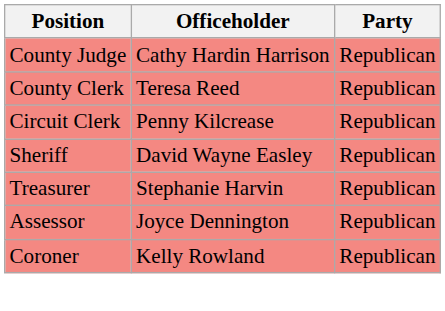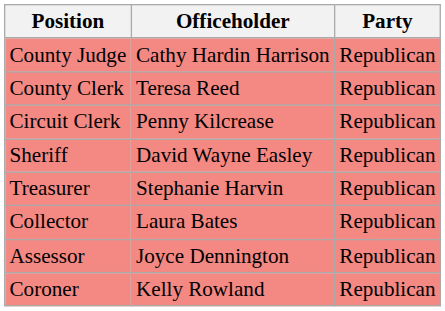 <table class="wikitable">
 <tr>
 <th>Position</th>
 <th>Officeholder</th>
 <th>Party</th>
 </tr>
 <tr style="background-color:#F48882;">
 <td>County Judge</td>
 <td>Cathy Hardin Harrison</td>
 <td>Republican</td>
 </tr>
 <tr style="background-color:#F48882;">
 <td>County Clerk</td>
 <td>Teresa Reed</td>
 <td>Republican</td>
 </tr>
 <tr style="background-color:#F48882;">
 <td>Circuit Clerk</td>
 <td>Penny Kilcrease</td>
 <td>Republican</td>
 </tr>
 <tr style="background-color:#F48882;">
 <td>Sheriff</td>
 <td>David Wayne Easley</td>
 <td>Republican</td>
 </tr>
 <tr style="background-color:#F48882;">
 <td>Treasurer</td>
 <td>Stephanie Harvin</td>
 <td>Republican</td>
 </tr>
 <tr style="background-color:#F48882;">
+<td>Collector</td>
+<td>Laura Bates</td>
+<td>Republican</td>
+</tr>
+<tr style="background-color:#F48882;">
 <td>Assessor</td>
 <td>Joyce Dennington</td>
 <td>Republican</td>
 </tr>
 <tr style="background-color:#F48882;">
 <td>Coroner</td>
 <td>Kelly Rowland</td>
 <td>Republican</td>
 </tr>
 </table>
